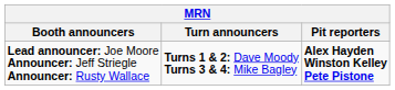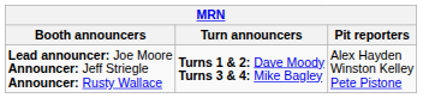 <table class="wikitable" style="font-size: 95%;">
 <tr>
 <th colspan="3"><a href='#'>MRN</a></th>
 </tr>
 <tr>
 <th>Booth announcers</th>
 <th>Turn announcers</th>
 <th>Pit reporters</th>
 </tr>
 <tr>
 <td><strong>Lead announcer:</strong> Joe Moore<br><strong>Announcer:</strong> Jeff Striegle<br><strong>Announcer:</strong> <a href='#'>Rusty Wallace</a></td>
 <td><strong>Turns 1 & 2:</strong> <a href='#'>Dave Moody</a><br><strong>Turns 3 & 4:</strong> <a href='#'>Mike Bagley</a></td>
-<td><strong>Alex Hayden<br>Winston Kelley<br><a href='#'>Pete Pistone</a></strong></td>
+<td>Alex Hayden<br>Winston Kelley<br><a href='#'>Pete Pistone</a></td>
 </tr>
 </table>
